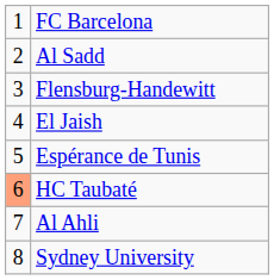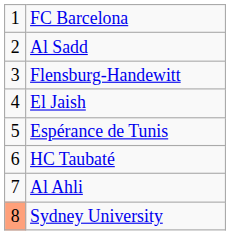 <table class="wikitable" style="width:200px;">
 <tr>
 <td align=center>1</td>
 <td> <a href='#'>FC Barcelona</a></td>
 </tr>
 <tr>
 <td align=center>2</td>
 <td> <a href='#'>Al Sadd</a></td>
 </tr>
 <tr>
 <td align=center>3</td>
 <td> <a href='#'>Flensburg-Handewitt</a></td>
 </tr>
 <tr>
 <td align=center>4</td>
 <td> <a href='#'>El Jaish</a></td>
 </tr>
 <tr>
 <td align=center>5</td>
 <td> <a href='#'>Espérance de Tunis</a></td>
 </tr>
 <tr>
-<td align=center style="background: lightsalmon;">6</td>
+<td align=center>6</td>
 <td> <a href='#'>HC Taubaté</a></td>
 </tr>
 <tr>
 <td align=center>7</td>
 <td> <a href='#'>Al Ahli</a></td>
 </tr>
 <tr>
-<td align=center>8</td>
+<td align=center style="background: lightsalmon;">8</td>
 <td> <a href='#'>Sydney University</a></td>
 </tr>
 </table>
